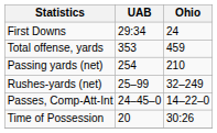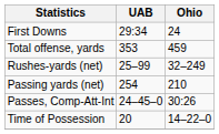 <table class="wikitable">
 <tr>
 <th>Statistics</th>
 <th>UAB</th>
 <th>Ohio</th>
 </tr>
 <tr>
 <td>First Downs</td>
 <td>29:34</td>
 <td>24</td>
 </tr>
 <tr>
 <td>Total offense, yards</td>
 <td>353</td>
 <td>459</td>
 </tr>
 <tr>
+<td>Rushes-yards (net)</td>
+<td>25–99</td>
+<td>32–249</td>
+</tr>
+<tr>
 <td>Passing yards (net)</td>
 <td>254</td>
 <td>210</td>
 </tr>
 <tr>
-<td>Rushes-yards (net)</td>
-<td>25–99</td>
-<td>32–249</td>
-</tr>
-<tr>
 <td>Passes, Comp-Att-Int</td>
 <td>24–45–0</td>
-<td>14–22–0</td>
+<td>30:26</td>
 </tr>
 <tr>
 <td>Time of Possession</td>
 <td>20</td>
-<td>30:26</td>
+<td>14–22–0</td>
 </tr>
 <tr>
 </tr>
 </table>
